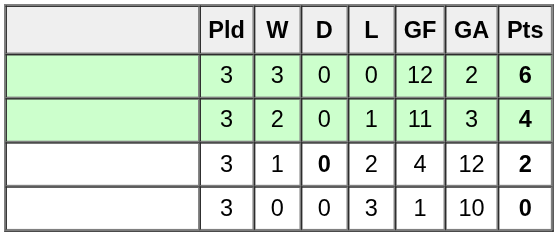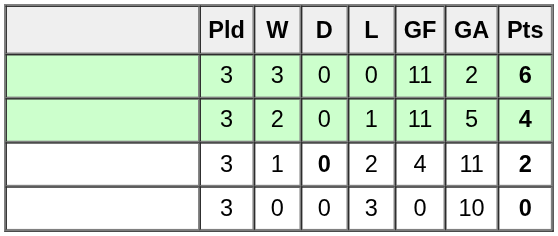 <table border=1 cellpadding=5 cellspacing=0>
 <tr>
 <th bgcolor="#efefef" width="120">　</th>
 <th bgcolor="#efefef" width="20">Pld</th>
 <th bgcolor="#efefef" width="20">W</th>
 <th bgcolor="#efefef" width="20">D</th>
 <th bgcolor="#efefef" width="20">L</th>
 <th bgcolor="#efefef" width="20">GF</th>
 <th bgcolor="#efefef" width="20">GA</th>
 <th bgcolor="#efefef" width="20">Pts</th>
 </tr>
 <tr align=center bgcolor="#ccffcc">
 <td align=left></td>
 <td>3</td>
 <td>3</td>
 <td>0</td>
 <td>0</td>
-<td>12</td>
+<td>11</td>
 <td>2</td>
 <td><strong>6</strong></td>
 </tr>
 <tr align=center bgcolor="#ccffcc">
 <td align=left></td>
 <td>3</td>
 <td>2</td>
 <td>0</td>
 <td>1</td>
 <td>11</td>
-<td>3</td>
+<td>5</td>
 <td><strong>4</strong></td>
 </tr>
 <tr align=center>
 <td align=left></td>
 <td>3</td>
 <td>1</td>
 <td><strong>0</strong></td>
 <td>2</td>
 <td>4</td>
-<td>12</td>
+<td>11</td>
 <td><strong>2</strong></td>
 </tr>
 <tr align=center>
 <td align=left></td>
 <td>3</td>
 <td>0</td>
 <td>0</td>
 <td>3</td>
-<td>1</td>
+<td>0</td>
 <td>10</td>
 <td><strong>0</strong></td>
 </tr>
 </table>
